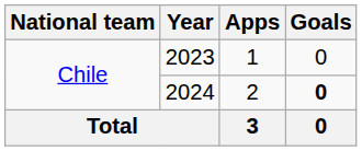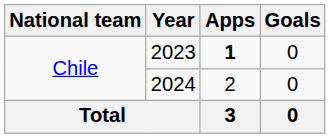 <table class=wikitable style=text-align:center>
 <tr>
 <th>National team</th>
 <th>Year</th>
 <th>Apps</th>
 <th>Goals</th>
 </tr>
 <tr>
 <td rowspan="2"><a href='#'>Chile</a></td>
 <td>2023</td>
-<td>1</td>
+<td><strong>1</strong></td>
 <td>0</td>
 </tr>
 <tr>
 <td>2024</td>
 <td>2</td>
-<td><strong>0</strong></td>
+<td>0</td>
 </tr>
 <tr>
 <th colspan="2">Total</th>
 <th>3</th>
 <th>0</th>
 </tr>
 </table>
